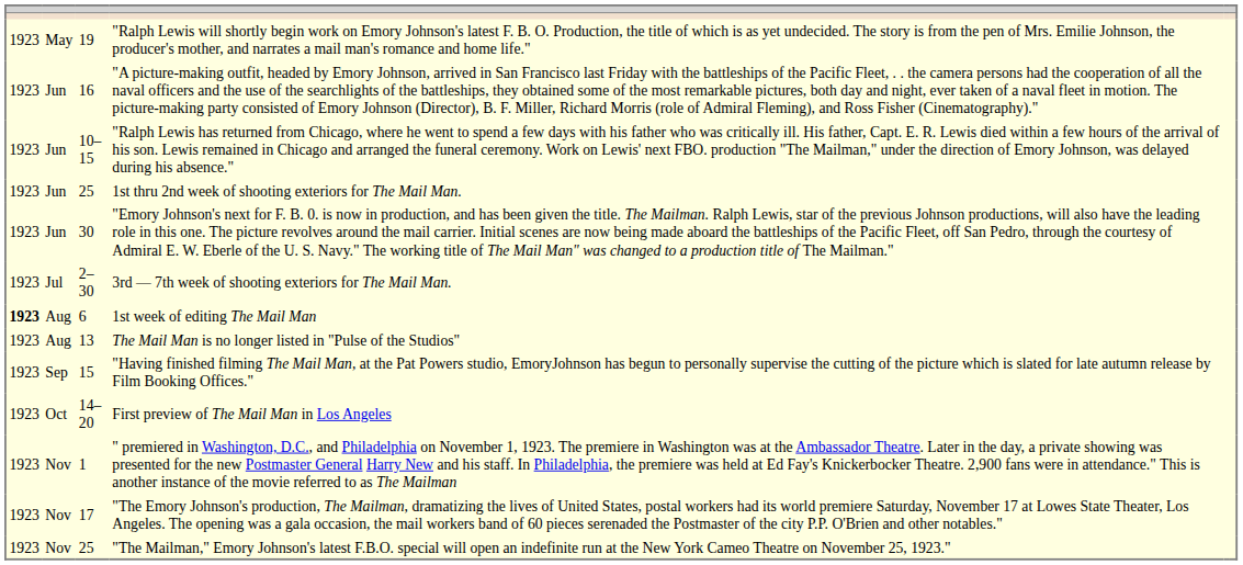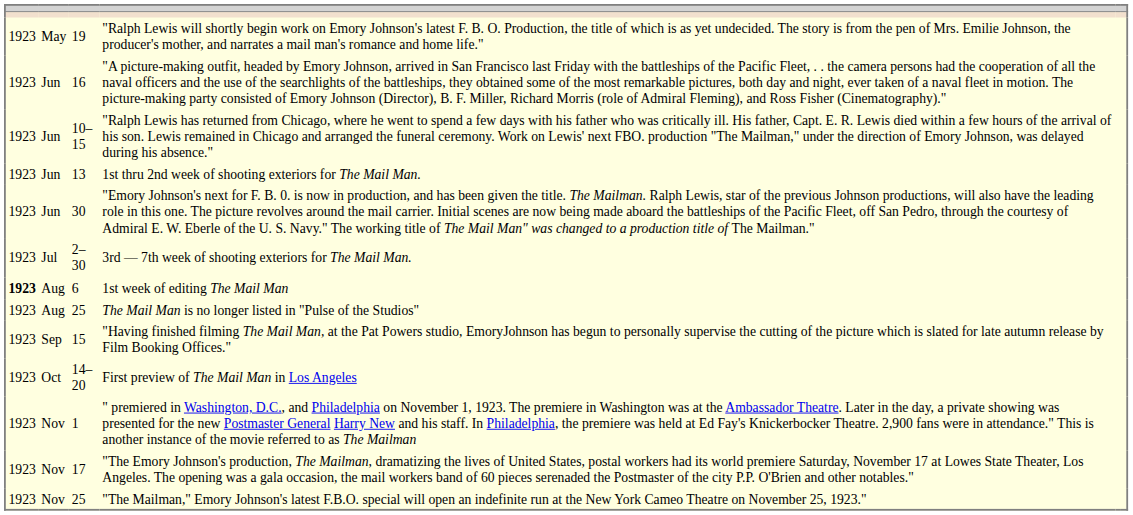 <table class="wikitable sortable mw-collapsible " style="background:lightyellow; border:2px solid gray;font-size:95%">
 <tr>
 <th colspan="6" style="border:1px solid #808080;background:lightgrey;"></th>
 </tr>
 <tr>
 <th style="border:0px solid #FFFAF5; background:#F2E0CE"></th>
 <th style="border:0px solid #FFFAF5; background:#F2E0CE"></th>
 <th style="border:0px solid #FFFAF5; background:#F2E0CE"></th>
 <th style="border:0px solid #FFFAF5; background:#F2E0CE"></th>
 <th style="border:0px solid #FFFAF5; background:#F2E0CE"></th>
 <th style="border:0px solid #FFFAF5; background:#F2E0CE"></th>
 </tr>
 <tr>
 <td style="border:0px  lightyellow">1923</td>
 <td style="border:0px  lightyellow">May</td>
 <td style="border:0px  lightyellow">19</td>
 <td style="border:0px  lightyellow">"Ralph Lewis will shortly begin work on Emory Johnson's latest F. B. O. Production, the title of which is as yet undecided. The story is from the pen of Mrs. Emilie Johnson, the producer's mother, and narrates a mail man's romance and home life."</td>
 <td style="border:0px lightyellow"></td>
 </tr>
 <tr>
 <td style="border:0px  lightyellow">1923</td>
 <td style="border:0px  lightyellow">Jun</td>
 <td style="border:0px  lightyellow">16</td>
 <td style="border:0px  lightyellow">"A picture-making outfit, headed by Emory Johnson, arrived in San Francisco last Friday with the battleships of the Pacific Fleet, . . the camera persons had the cooperation of all the naval officers and the use of the searchlights of the battleships, they obtained some of the most remarkable pictures, both day and night, ever taken of a naval fleet in motion. The picture-making party consisted of Emory Johnson (Director), B. F. Miller, Richard Morris (role of Admiral Fleming), and Ross Fisher (Cinematography)."</td>
 <td style="border:0px  lightyellow"></td>
 </tr>
 <tr>
 <td style="border:0px  lightyellow">1923</td>
 <td style="border:0px  lightyellow">Jun</td>
 <td style="border:0px  lightyellow">10–15</td>
 <td style="border:0px  lightyellow">"Ralph Lewis has returned from Chicago, where he went to spend a few days with his father who was critically ill. His father, Capt. E. R. Lewis died within a few hours of the arrival of his son. Lewis remained in Chicago and arranged the funeral ceremony. Work on Lewis' next FBO. production "The Mailman," under the direction of Emory Johnson, was delayed during his absence."</td>
 <td style="border:0px  lightyellow"></td>
 </tr>
 <tr>
 <td style="border:0px  lightyellow">1923</td>
 <td style="border:0px  lightyellow">Jun</td>
-<td style="border:0px  lightyellow">25</td>
+<td style="border:0px  lightyellow">13</td>
 <td style="border:0px  lightyellow">1st thru 2nd week of shooting exteriors for <em>The Mail Man.</em></td>
 <td style="border:0px  lightyellow"></td>
 </tr>
 <tr>
 <td style="border:0px  lightyellow">1923</td>
 <td style="border:0px  lightyellow">Jun</td>
 <td style="border:0px  lightyellow">30</td>
 <td style="border:0px  lightyellow">"Emory Johnson's next for F. B. 0. is now in production, and has been given the title. <em>The Mailman.</em> Ralph Lewis, star of the previous Johnson productions, will also have the leading role in this one. The picture revolves around the mail carrier. Initial scenes are now being made aboard the battleships of the Pacific Fleet, off San Pedro, through the courtesy of Admiral E. W. Eberle of the U. S. Navy." The working title of <em>The Mail Man" was changed to a production title of </em>The Mailman."</td>
 <td style="border:0px  lightyellow"></td>
 </tr>
 <tr>
 <td style="border:0px  lightyellow">1923</td>
 <td style="border:0px  lightyellow">Jul</td>
 <td style="border:0px  lightyellow">2–30</td>
 <td style="border:0px  lightyellow">3rd — 7th week of shooting exteriors for <em>The Mail Man.</em></td>
 <td style="border:0px  lightyellow"></td>
 </tr>
 <tr>
 <td style="border:0px  lightyellow"><strong>1923</strong></td>
 <td style="border:0px  lightyellow">Aug</td>
 <td style="border:0px  lightyellow">6</td>
 <td style="border:0px  lightyellow">1st week of editing <em>The Mail Man</em></td>
 <td style="border:0px  lightyellow"></td>
 </tr>
 <tr>
 <td style="border:0px  lightyellow">1923</td>
 <td style="border:0px  lightyellow">Aug</td>
-<td style="border:0px  lightyellow">13</td>
+<td style="border:0px  lightyellow">25</td>
 <td style="border:0px  lightyellow"><em>The Mail Man</em> is no longer listed in "Pulse of the Studios"</td>
 <td style="border:0px  lightyellow"></td>
 </tr>
 <tr>
 <td style="border:0px  lightyellow">1923</td>
 <td style="border:0px  lightyellow">Sep</td>
 <td style="border:0px  lightyellow">15</td>
 <td style="border:0px  lightyellow">"Having finished filming <em>The Mail Man,</em> at the Pat Powers studio, EmoryJohnson has begun to personally supervise the cutting of the picture which is slated for late autumn release by Film Booking Offices."</td>
 <td style="border:0px  lightyellow"></td>
 </tr>
 <tr>
 <td style="border:0px  lightyellow">1923</td>
 <td style="border:0px  lightyellow">Oct</td>
 <td style="border:0px  lightyellow">14–20</td>
 <td style="border:0px  lightyellow">First preview of <em>The Mail Man</em> in <a href='#'>Los Angeles</a></td>
 <td style="border:0px  lightyellow"></td>
 </tr>
 <tr>
 <td style="border:0px  lightyellow">1923</td>
 <td style="border:0px  lightyellow">Nov</td>
 <td style="border:0px  lightyellow">1</td>
 <td style="border:0px  lightyellow">" premiered in <a href='#'>Washington, D.C.</a>, and <a href='#'>Philadelphia</a> on November 1, 1923. The premiere in Washington was at the <a href='#'>Ambassador Theatre</a>. Later in the day, a private showing was presented for the new <a href='#'>Postmaster General</a> <a href='#'>Harry New</a> and his staff. In <a href='#'>Philadelphia</a>, the premiere was held at Ed Fay's Knickerbocker Theatre. 2,900 fans were in attendance." This is another instance of the movie referred to as <em>The Mailman</em></td>
 <td style="border:0px  lightyellow"></td>
 </tr>
 <tr>
 <td style="border:0px  lightyellow">1923</td>
 <td style="border:0px  lightyellow">Nov</td>
 <td style="border:0px  lightyellow">17</td>
 <td style="border:0px  lightyellow">"The Emory Johnson's production, <em>The Mailman</em>, dramatizing the lives of United States, postal workers had its world premiere Saturday, November 17 at Lowes State Theater, Los Angeles. The opening was a gala occasion, the mail workers band of 60 pieces serenaded the Postmaster of the city P.P. O'Brien and other notables."</td>
 <td style="border:0px  lightyellow"></td>
 </tr>
 <tr>
 <td style="border:0px  lightyellow">1923</td>
 <td style="border:0px  lightyellow">Nov</td>
 <td style="border:0px  lightyellow">25</td>
 <td style="border:0px  lightyellow">"The Mailman," Emory Johnson's latest F.B.O. special will open an indefinite run at the New York Cameo Theatre on November 25, 1923."</td>
 <td style="border:0px  lightyellow"></td>
 </tr>
 <tr>
 </tr>
 </table>
